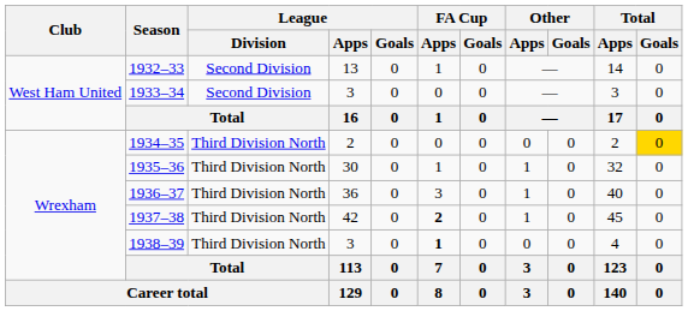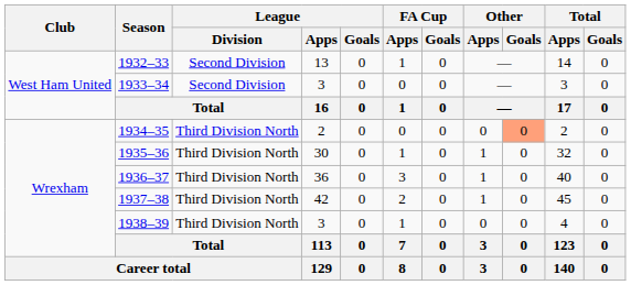 <table class="wikitable" style="text-align: center;">
 <tr>
 <th rowspan="2">Club</th>
 <th rowspan="2">Season</th>
 <th colspan="3">League</th>
 <th colspan="2">FA Cup</th>
 <th colspan="2">Other</th>
 <th colspan="2">Total</th>
 </tr>
 <tr>
 <th>Division</th>
 <th>Apps</th>
 <th>Goals</th>
 <th>Apps</th>
 <th>Goals</th>
 <th>Apps</th>
 <th>Goals</th>
 <th>Apps</th>
 <th>Goals</th>
 </tr>
 <tr>
 <td rowspan=3><a href='#'>West Ham United</a></td>
 <td><a href='#'>1932–33</a></td>
 <td><a href='#'>Second Division</a></td>
 <td>13</td>
 <td>0</td>
 <td>1</td>
 <td>0</td>
 <td colspan=2>—</td>
 <td>14</td>
 <td>0</td>
 </tr>
 <tr>
 <td><a href='#'>1933–34</a></td>
 <td><a href='#'>Second Division</a></td>
 <td>3</td>
 <td>0</td>
 <td>0</td>
 <td>0</td>
 <td colspan=2>—</td>
 <td>3</td>
 <td>0</td>
 </tr>
 <tr>
 <th colspan=2>Total</th>
 <th>16</th>
 <th>0</th>
 <th>1</th>
 <th>0</th>
 <th colspan=2>—</th>
 <th>17</th>
 <th>0</th>
 </tr>
 <tr>
 <td rowspan=6><a href='#'>Wrexham</a></td>
 <td><a href='#'>1934–35</a></td>
 <td><a href='#'>Third Division North</a></td>
 <td>2</td>
 <td>0</td>
 <td>0</td>
 <td>0</td>
 <td>0</td>
+<td style="background: lightsalmon;">0</td>
+<td>2</td>
 <td>0</td>
-<td>2</td>
-<td style="background: gold;">0</td>
 </tr>
 <tr>
 <td><a href='#'>1935–36</a></td>
 <td>Third Division North</td>
 <td>30</td>
 <td>0</td>
 <td>1</td>
 <td>0</td>
 <td>1</td>
 <td>0</td>
 <td>32</td>
 <td>0</td>
 </tr>
 <tr>
 <td><a href='#'>1936–37</a></td>
 <td>Third Division North</td>
 <td>36</td>
 <td>0</td>
 <td>3</td>
 <td>0</td>
 <td>1</td>
 <td>0</td>
 <td>40</td>
 <td>0</td>
 </tr>
 <tr>
 <td><a href='#'>1937–38</a></td>
 <td>Third Division North</td>
 <td>42</td>
 <td>0</td>
-<td><strong>2</strong></td>
+<td>2</td>
 <td>0</td>
 <td>1</td>
 <td>0</td>
 <td>45</td>
 <td>0</td>
 </tr>
 <tr>
 <td><a href='#'>1938–39</a></td>
 <td>Third Division North</td>
 <td>3</td>
 <td>0</td>
-<td><strong>1</strong></td>
+<td>1</td>
 <td>0</td>
 <td>0</td>
 <td>0</td>
 <td>4</td>
 <td>0</td>
 </tr>
 <tr>
 <th colspan=2>Total</th>
 <th>113</th>
 <th>0</th>
 <th>7</th>
 <th>0</th>
 <th>3</th>
 <th>0</th>
 <th>123</th>
 <th>0</th>
 </tr>
 <tr>
 <th colspan="3">Career total</th>
 <th>129</th>
 <th>0</th>
 <th>8</th>
 <th>0</th>
 <th>3</th>
 <th>0</th>
 <th>140</th>
 <th>0</th>
 </tr>
 </table>
